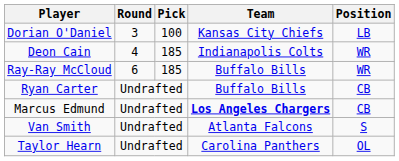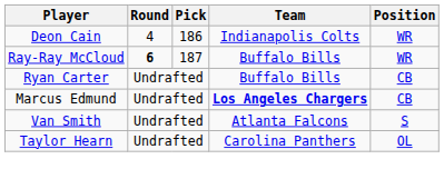 <table class="wikitable" style="text-align: center;">
 <tr>
 <th>Player</th>
 <th>Round</th>
 <th>Pick</th>
 <th>Team</th>
 <th>Position</th>
 </tr>
 <tr>
-<td><a href='#'>Dorian O'Daniel</a></td>
-<td>3</td>
-<td>100</td>
-<td><a href='#'>Kansas City Chiefs</a></td>
-<td><a href='#'>LB</a></td>
-</tr>
-<tr>
 <td><a href='#'>Deon Cain</a></td>
 <td>4</td>
-<td>185</td>
+<td>186</td>
 <td><a href='#'>Indianapolis Colts</a></td>
 <td><a href='#'>WR</a></td>
 </tr>
 <tr>
 <td><a href='#'>Ray-Ray McCloud</a></td>
-<td>6</td>
-<td>185</td>
+<td><strong>6</strong></td>
+<td>187</td>
 <td><a href='#'>Buffalo Bills</a></td>
 <td><a href='#'>WR</a></td>
 </tr>
 <tr>
 <td><a href='#'>Ryan Carter</a></td>
 <td colspan="2">Undrafted</td>
 <td><a href='#'>Buffalo Bills</a></td>
 <td><a href='#'>CB</a></td>
 </tr>
 <tr>
 <td>Marcus Edmund</td>
 <td colspan=2>Undrafted</td>
 <td><strong><a href='#'>Los Angeles Chargers</a></strong></td>
 <td><a href='#'>CB</a></td>
 </tr>
 <tr>
 <td><a href='#'>Van Smith</a></td>
 <td colspan=2>Undrafted</td>
 <td><a href='#'>Atlanta Falcons</a></td>
 <td><a href='#'>S</a></td>
 </tr>
 <tr>
 <td><a href='#'>Taylor Hearn</a></td>
 <td colspan=2>Undrafted</td>
 <td><a href='#'>Carolina Panthers</a></td>
 <td><a href='#'>OL</a></td>
 </tr>
 </table>
